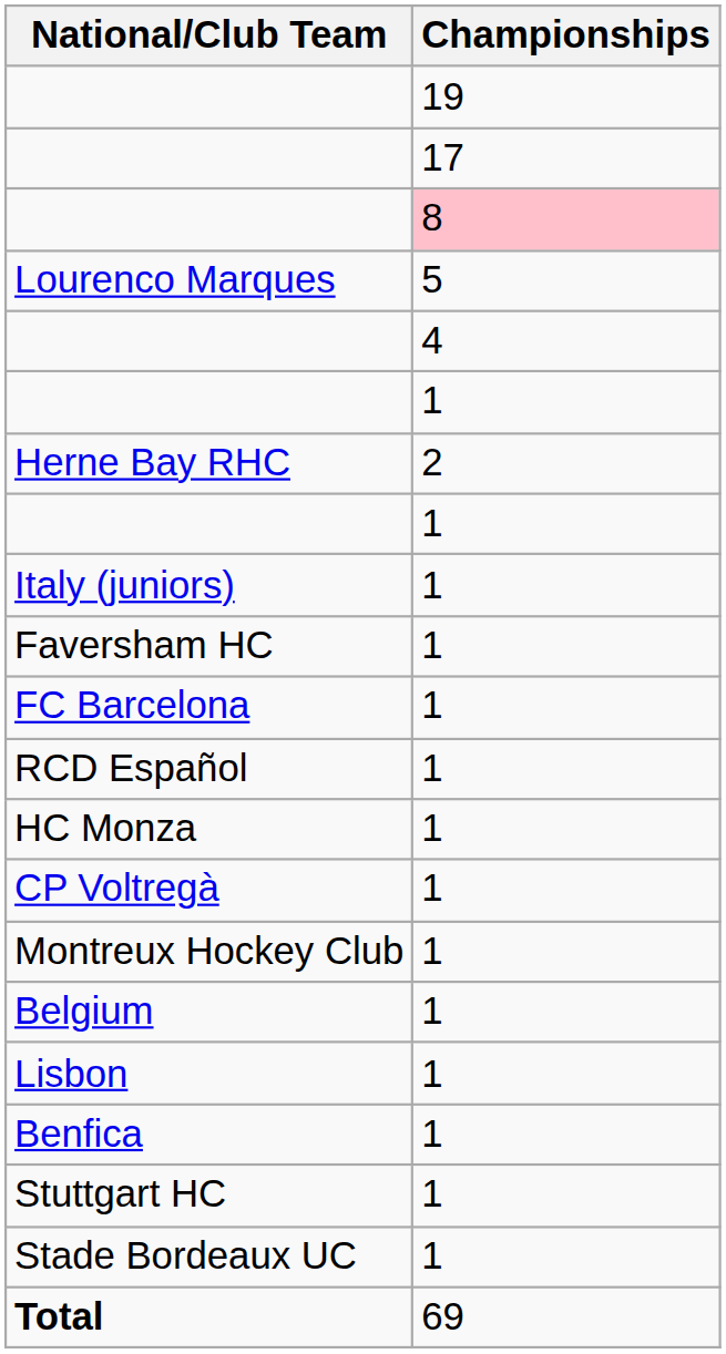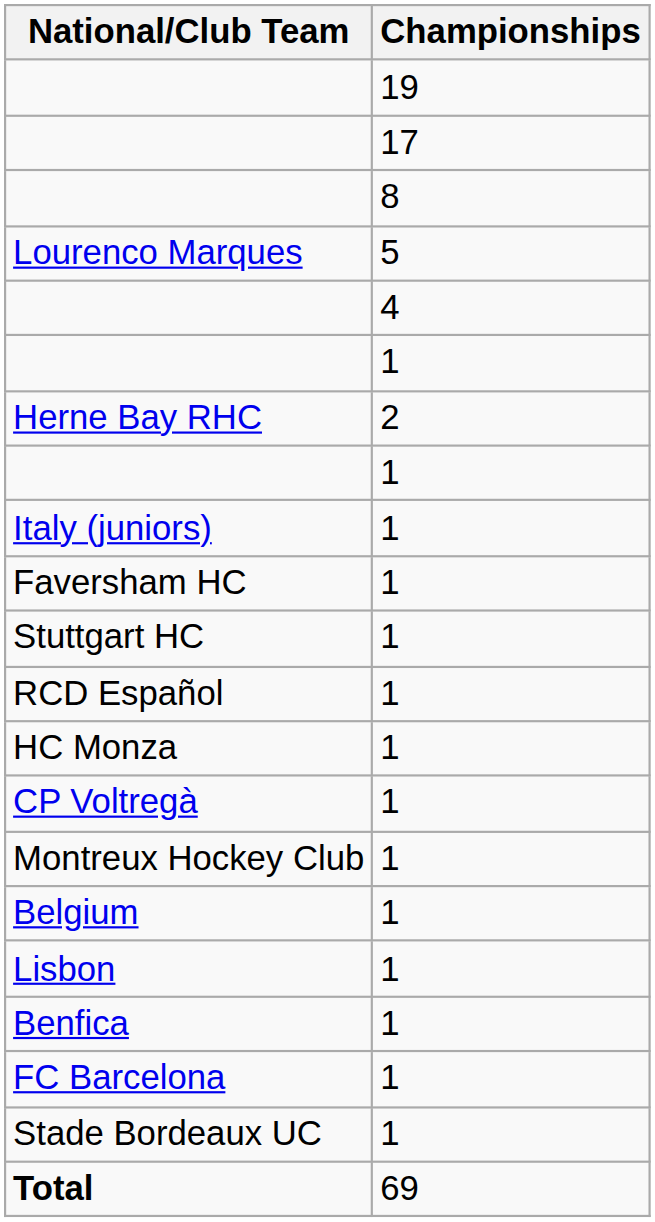 <table class="wikitable">
 <tr>
 <th>National/Club Team</th>
 <th>Championships</th>
 </tr>
 <tr>
 <td></td>
 <td>19</td>
 </tr>
 <tr>
 <td></td>
 <td>17</td>
 </tr>
 <tr>
 <td></td>
-<td style="background: pink;">8</td>
+<td>8</td>
 </tr>
 <tr>
 <td> <a href='#'>Lourenco Marques</a></td>
 <td>5</td>
 </tr>
 <tr>
 <td></td>
 <td>4</td>
 </tr>
 <tr>
 <td></td>
 <td>1</td>
 </tr>
 <tr>
 <td> <a href='#'>Herne Bay RHC</a></td>
 <td>2</td>
 </tr>
 <tr>
 <td></td>
 <td>1</td>
 </tr>
 <tr>
 <td> <a href='#'>Italy (juniors)</a></td>
 <td>1</td>
 </tr>
 <tr>
 <td> Faversham HC</td>
 <td>1</td>
 </tr>
 <tr>
-<td> <a href='#'>FC Barcelona</a></td>
+<td> Stuttgart HC</td>
 <td>1</td>
 </tr>
 <tr>
 <td> RCD Español</td>
 <td>1</td>
 </tr>
 <tr>
 <td> HC Monza</td>
 <td>1</td>
 </tr>
 <tr>
 <td> <a href='#'>CP Voltregà</a></td>
 <td>1</td>
 </tr>
 <tr>
 <td> Montreux Hockey Club</td>
 <td>1</td>
 </tr>
 <tr>
 <td> <a href='#'>Belgium</a></td>
 <td>1</td>
 </tr>
 <tr>
 <td> <a href='#'>Lisbon</a></td>
 <td>1</td>
 </tr>
 <tr>
 <td> <a href='#'>Benfica</a></td>
 <td>1</td>
 </tr>
 <tr>
-<td> Stuttgart HC</td>
+<td> <a href='#'>FC Barcelona</a></td>
 <td>1</td>
 </tr>
 <tr>
 <td> Stade Bordeaux UC</td>
 <td>1</td>
 </tr>
 <tr>
 <td><strong>Total</strong></td>
 <td>69</td>
 </tr>
 </table>
